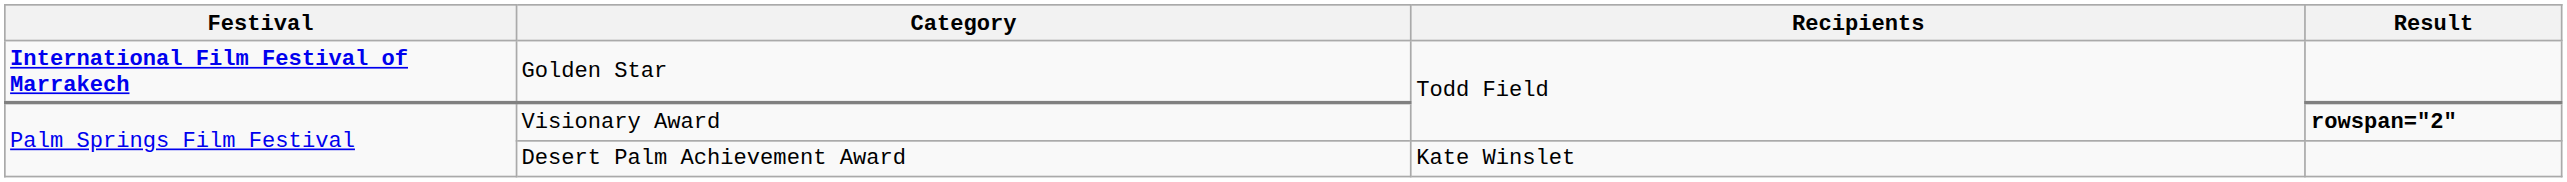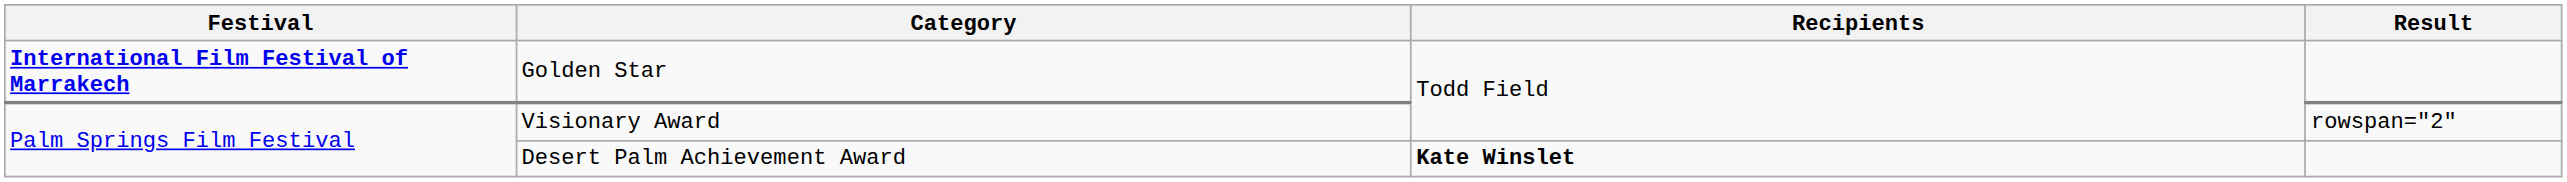 <table class="wikitable" width="95%" cellpadding="5">
 <tr>
 <th width="20%">Festival</th>
 <th width="35%">Category</th>
 <th width="35%">Recipients</th>
 <th width="10%">Result</th>
 </tr>
 <tr>
 <td><strong><a href='#'>International Film Festival of Marrakech</a></strong></td>
 <td>Golden Star</td>
 <td rowspan="2">Todd Field</td>
 <td></td>
 </tr>
 <tr style="border-top:2px solid gray;">
 <td rowspan="2"><a href='#'>Palm Springs Film Festival</a></td>
 <td>Visionary Award</td>
-<td><strong>rowspan="2" </strong></td>
+<td>rowspan="2" </td>
 </tr>
 <tr>
 <td>Desert Palm Achievement Award</td>
-<td>Kate Winslet</td>
+<td><strong>Kate Winslet</strong></td>
 </tr>
 </table>
